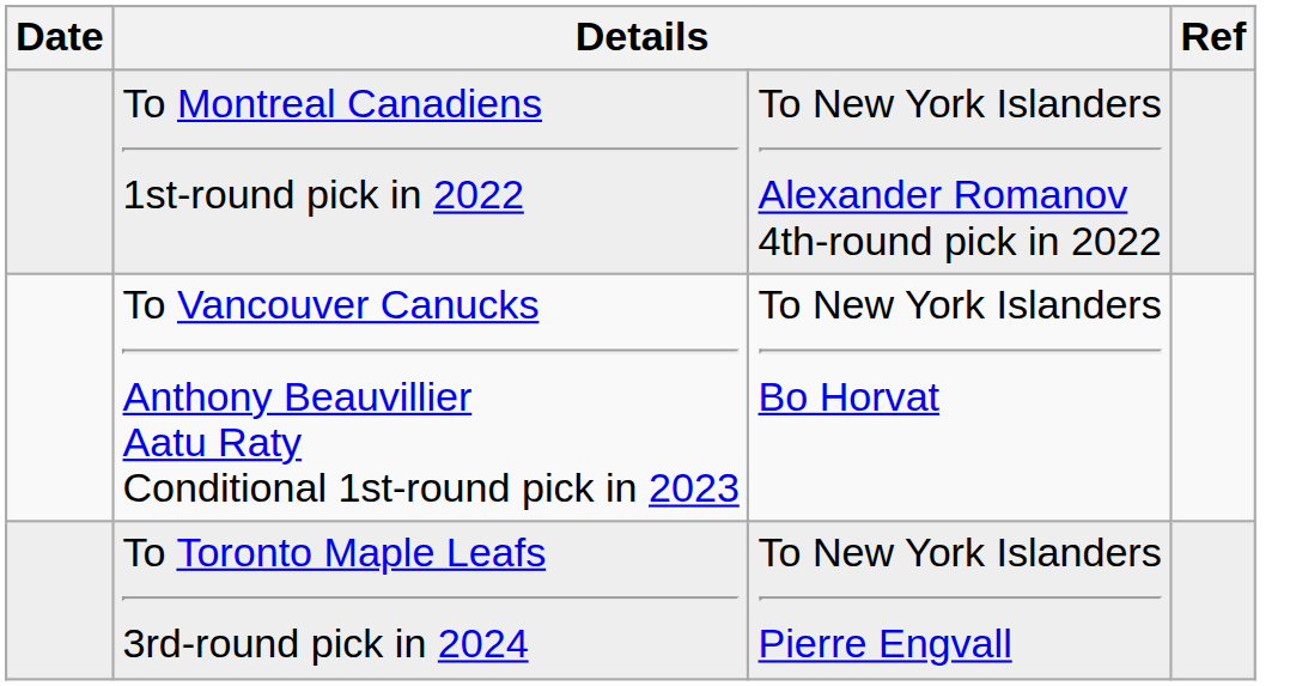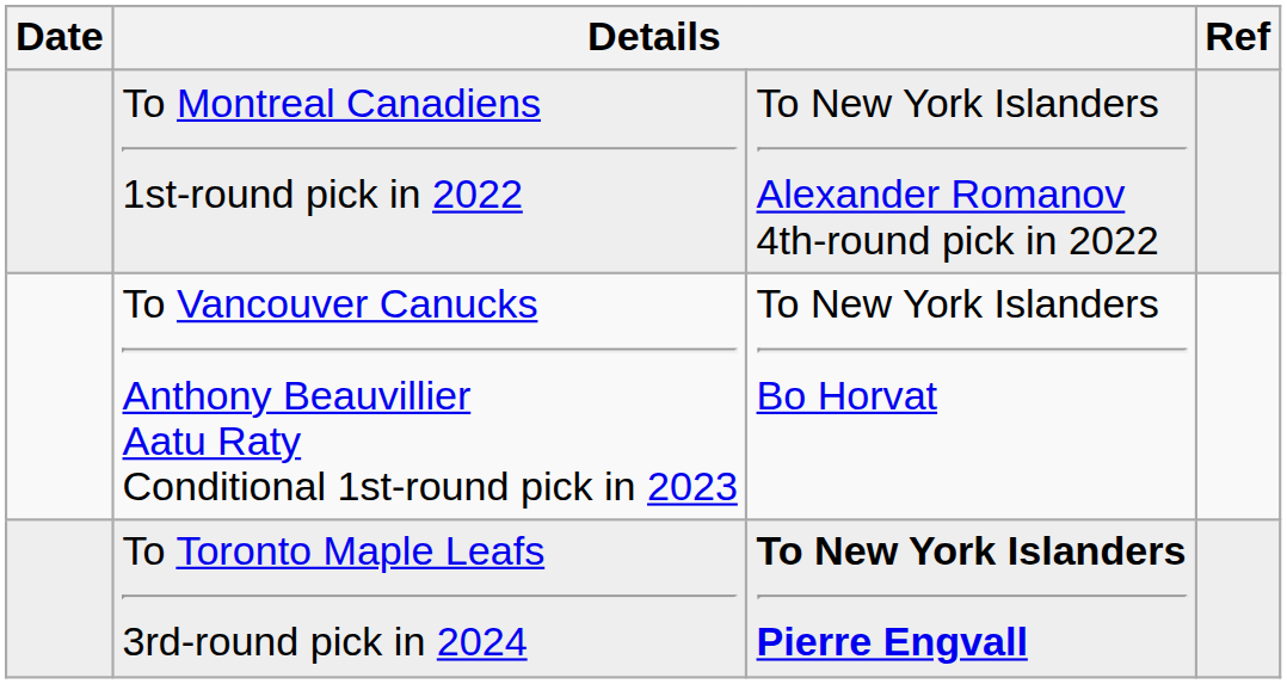 <table class="wikitable">
 <tr>
 <th>Date</th>
 <th colspan="2">Details</th>
 <th>Ref</th>
 </tr>
 <tr style="background:#eee;">
 <td></td>
 <td valign="top">To <a href='#'>Montreal Canadiens</a><hr>1st-round pick in <a href='#'>2022</a></td>
 <td valign="top">To New York Islanders<hr><a href='#'>Alexander Romanov</a><br>4th-round pick in 2022</td>
 <td></td>
 </tr>
 <tr>
 <td></td>
 <td valign="top">To <a href='#'>Vancouver Canucks</a><hr><a href='#'>Anthony Beauvillier</a><br><a href='#'>Aatu Raty</a><br>Conditional 1st-round pick in <a href='#'>2023</a></td>
 <td valign="top">To New York Islanders<hr><a href='#'>Bo Horvat</a></td>
 <td></td>
 </tr>
 <tr style="background:#eee;">
 <td></td>
 <td valign="top">To <a href='#'>Toronto Maple Leafs</a><hr>3rd-round pick in <a href='#'>2024</a></td>
-<td valign="top">To New York Islanders<hr><a href='#'>Pierre Engvall</a></td>
+<td valign="top"><strong>To New York Islanders<hr><a href='#'>Pierre Engvall</a></strong></td>
 <td></td>
 </tr>
 </table>
